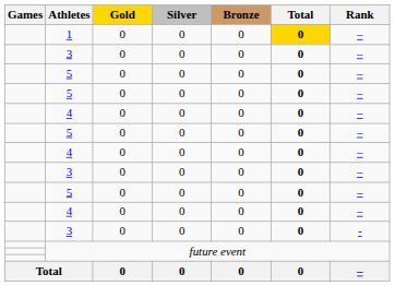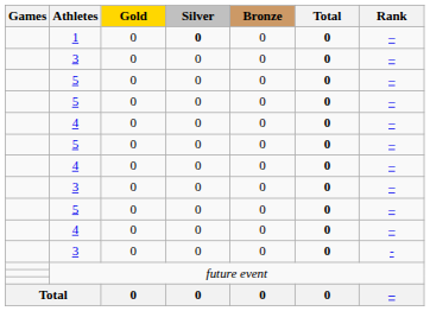 <table class="wikitable" style="text-align:center; font-size:90%;">
 <tr>
 <th>Games</th>
 <th>Athletes</th>
 <td style="background:gold; width:4.5em; font-weight:bold;">Gold</td>
 <td style="background:silver; width:4.5em; font-weight:bold;">Silver</td>
 <td style="background:#cc9966; width:4.5em; font-weight:bold;">Bronze</td>
 <th style="width:4.5em; font-weight:bold;">Total</th>
 <th style="width:4.5em; font-weight:bold;">Rank</th>
 </tr>
 <tr>
 <td align=left></td>
 <td><a href='#'>1</a></td>
 <td>0</td>
+<td><strong>0</strong></td>
 <td>0</td>
-<td>0</td>
-<td style="background: gold;"><strong>0</strong></td>
+<td><strong>0</strong></td>
 <td><a href='#'>–</a></td>
 </tr>
 <tr>
 <td align=left></td>
 <td><a href='#'>3</a></td>
 <td>0</td>
 <td>0</td>
 <td>0</td>
 <td><strong>0</strong></td>
 <td><a href='#'>–</a></td>
 </tr>
 <tr>
 <td align=left></td>
 <td><a href='#'>5</a></td>
 <td>0</td>
 <td>0</td>
 <td>0</td>
 <td><strong>0</strong></td>
 <td><a href='#'>–</a></td>
 </tr>
 <tr>
 <td align=left></td>
 <td><a href='#'>5</a></td>
 <td>0</td>
 <td>0</td>
 <td>0</td>
 <td><strong>0</strong></td>
 <td><a href='#'>–</a></td>
 </tr>
 <tr>
 <td align=left></td>
 <td><a href='#'>4</a></td>
 <td>0</td>
 <td>0</td>
 <td>0</td>
 <td><strong>0</strong></td>
 <td><a href='#'>–</a></td>
 </tr>
 <tr>
 <td align=left></td>
 <td><a href='#'>5</a></td>
 <td>0</td>
 <td>0</td>
 <td>0</td>
 <td><strong>0</strong></td>
 <td><a href='#'>–</a></td>
 </tr>
 <tr>
 <td align=left></td>
 <td><a href='#'>4</a></td>
 <td>0</td>
 <td>0</td>
 <td>0</td>
 <td><strong>0</strong></td>
 <td><a href='#'>–</a></td>
 </tr>
 <tr>
 <td align=left></td>
 <td><a href='#'>3</a></td>
 <td>0</td>
 <td>0</td>
 <td>0</td>
 <td><strong>0</strong></td>
 <td><a href='#'>–</a></td>
 </tr>
 <tr>
 <td align=left></td>
 <td><a href='#'>5</a></td>
 <td>0</td>
 <td>0</td>
 <td>0</td>
 <td><strong>0</strong></td>
 <td><a href='#'>–</a></td>
 </tr>
 <tr>
 <td align=left></td>
 <td><a href='#'>4</a></td>
 <td>0</td>
 <td>0</td>
 <td>0</td>
 <td><strong>0</strong></td>
 <td><a href='#'>–</a></td>
 </tr>
 <tr>
 <td align=left></td>
 <td><a href='#'>3</a></td>
 <td>0</td>
 <td>0</td>
 <td>0</td>
 <td><strong>0</strong></td>
 <td><a href='#'>-</a></td>
 </tr>
 <tr>
 <td align=left></td>
 <td rowspan=3; colspan=6><em>future event</em></td>
 </tr>
 <tr>
 <td align=left></td>
 </tr>
 <tr>
 <td align=left></td>
 </tr>
 <tr>
 <th colspan=2>Total</th>
 <th>0</th>
 <th>0</th>
 <th>0</th>
 <th>0</th>
 <th><a href='#'>–</a></th>
 </tr>
 </table>
